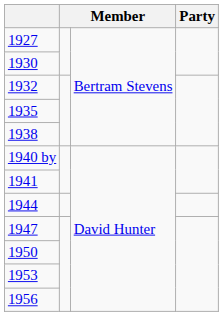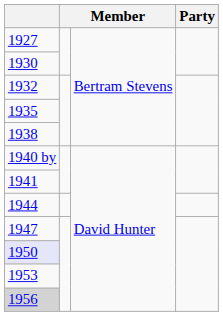 <table class="wikitable">
 <tr>
 <th></th>
 <th colspan="2">Member</th>
 <th>Party</th>
 </tr>
 <tr>
 <td><a href='#'>1927</a></td>
 <td rowspan="2" > </td>
 <td rowspan="5"><a href='#'>Bertram Stevens</a></td>
 <td rowspan="2"></td>
 </tr>
 <tr>
 <td><a href='#'>1930</a></td>
 </tr>
 <tr>
 <td><a href='#'>1932</a></td>
 <td rowspan="3" > </td>
 <td rowspan="3"></td>
 </tr>
 <tr>
 <td><a href='#'>1935</a></td>
 </tr>
 <tr>
 <td><a href='#'>1938</a></td>
 </tr>
 <tr>
 <td><a href='#'>1940 by</a></td>
 <td rowspan="2" > </td>
 <td rowspan="7"><a href='#'>David Hunter</a></td>
 <td rowspan="2"></td>
 </tr>
 <tr>
 <td><a href='#'>1941</a></td>
 </tr>
 <tr>
 <td><a href='#'>1944</a></td>
 <td> </td>
 <td></td>
 </tr>
 <tr>
 <td><a href='#'>1947</a></td>
 <td rowspan="4" > </td>
 <td rowspan="4"></td>
 </tr>
 <tr>
-<td><a href='#'>1950</a></td>
+<td style="background: lavender;"><a href='#'>1950</a></td>
 </tr>
 <tr>
 <td><a href='#'>1953</a></td>
 </tr>
 <tr>
-<td><a href='#'>1956</a></td>
+<td style="background: lightgrey;"><a href='#'>1956</a></td>
 </tr>
 </table>
